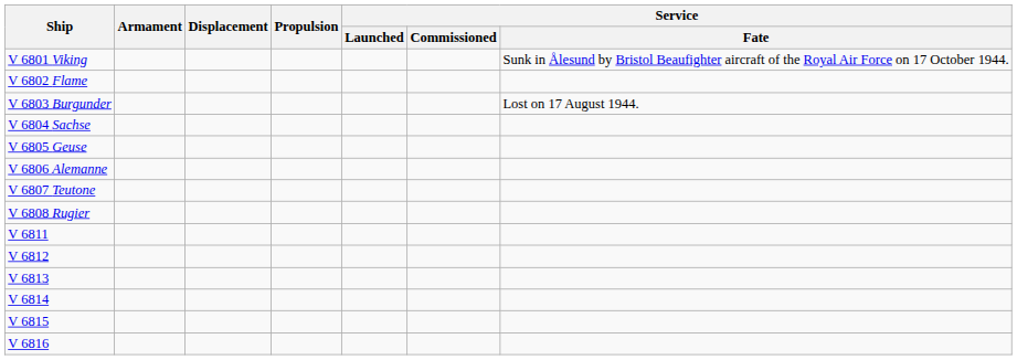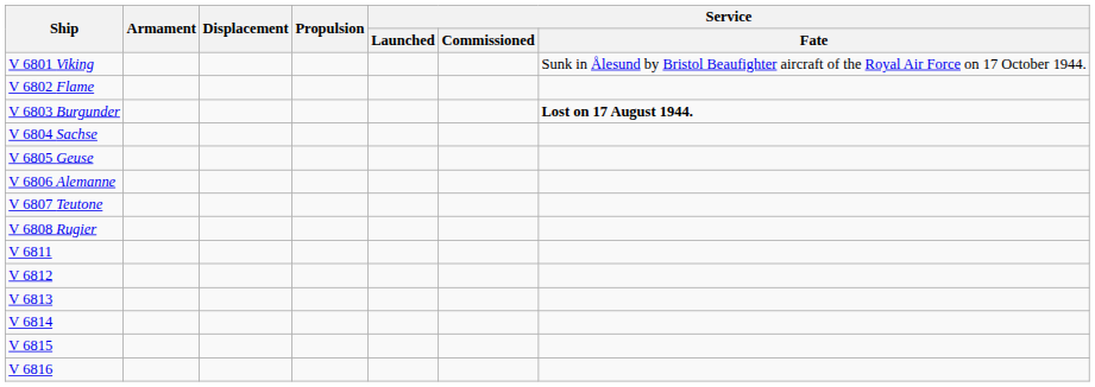 <table class="wikitable">
 <tr>
 <th rowspan="2">Ship</th>
 <th rowspan="2">Armament</th>
 <th rowspan="2">Displacement</th>
 <th rowspan="2">Propulsion</th>
 <th colspan="3">Service</th>
 </tr>
 <tr>
 <th>Launched</th>
 <th>Commissioned</th>
 <th>Fate</th>
 </tr>
 <tr>
 <td><a href='#'>V 6801 <em>Viking</em></a></td>
 <td></td>
 <td></td>
 <td></td>
 <td></td>
 <td></td>
 <td>Sunk in <a href='#'>Ålesund</a> by <a href='#'>Bristol Beaufighter</a> aircraft of the <a href='#'>Royal Air Force</a> on 17 October 1944.</td>
 </tr>
 <tr>
 <td><a href='#'>V 6802 <em>Flame</em></a></td>
 <td></td>
 <td></td>
 <td></td>
 <td></td>
 <td></td>
 <td></td>
 </tr>
 <tr>
 <td><a href='#'>V 6803 <em>Burgunder</em></a></td>
 <td></td>
 <td></td>
 <td></td>
 <td></td>
 <td></td>
-<td>Lost on 17 August 1944.</td>
+<td><strong>Lost on 17 August 1944.</strong></td>
 </tr>
 <tr>
 <td><a href='#'>V 6804 <em>Sachse</em></a></td>
 <td></td>
 <td></td>
 <td></td>
 <td></td>
 <td></td>
 <td></td>
 </tr>
 <tr>
 <td><a href='#'>V 6805 <em>Geuse</em></a></td>
 <td></td>
 <td></td>
 <td></td>
 <td></td>
 <td></td>
 <td></td>
 </tr>
 <tr>
 <td><a href='#'>V 6806 <em>Alemanne</em></a></td>
 <td></td>
 <td></td>
 <td></td>
 <td></td>
 <td></td>
 <td></td>
 </tr>
 <tr>
 <td><a href='#'>V 6807 <em>Teutone</em></a></td>
 <td></td>
 <td></td>
 <td></td>
 <td></td>
 <td></td>
 <td></td>
 </tr>
 <tr>
 <td><a href='#'>V 6808 <em>Rugier</em></a></td>
 <td></td>
 <td></td>
 <td></td>
 <td></td>
 <td></td>
 <td></td>
 </tr>
 <tr>
 <td><a href='#'>V 6811</a></td>
 <td></td>
 <td></td>
 <td></td>
 <td></td>
 <td></td>
 <td></td>
 </tr>
 <tr>
 <td><a href='#'>V 6812</a></td>
 <td></td>
 <td></td>
 <td></td>
 <td></td>
 <td></td>
 <td></td>
 </tr>
 <tr>
 <td><a href='#'>V 6813</a></td>
 <td></td>
 <td></td>
 <td></td>
 <td></td>
 <td></td>
 <td></td>
 </tr>
 <tr>
 <td><a href='#'>V 6814</a></td>
 <td></td>
 <td></td>
 <td></td>
 <td></td>
 <td></td>
 <td></td>
 </tr>
 <tr>
 <td><a href='#'>V 6815</a></td>
 <td></td>
 <td></td>
 <td></td>
 <td></td>
 <td></td>
 <td></td>
 </tr>
 <tr>
 <td><a href='#'>V 6816</a></td>
 <td></td>
 <td></td>
 <td></td>
 <td></td>
 <td></td>
 <td></td>
 </tr>
 </table>
